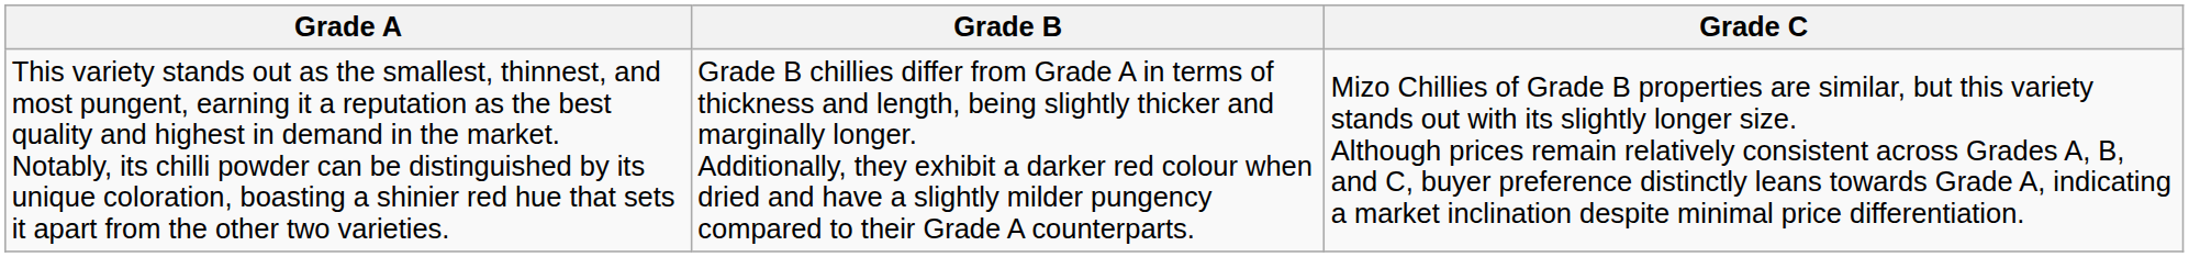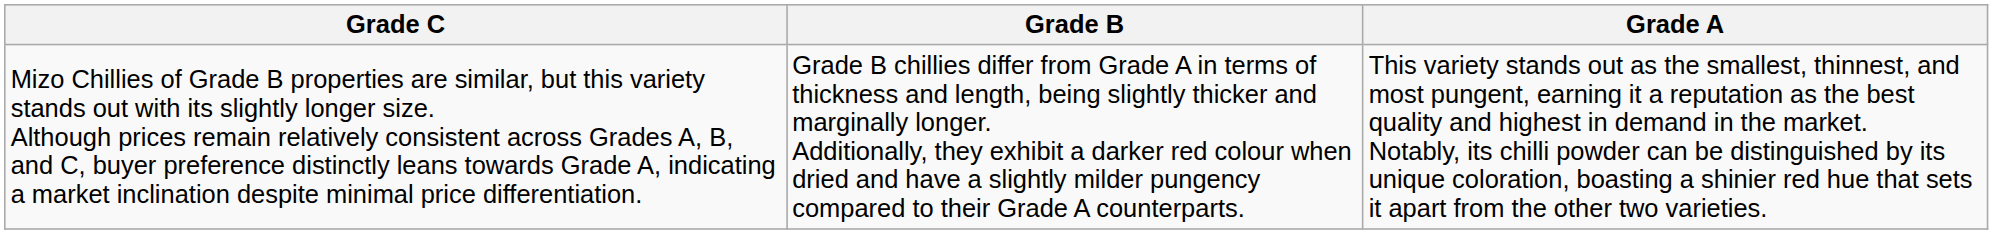 <table class="sortable wikitable"style="text-align:left;"style="font-size: 85%">
 <tr>
+<th>Grade C</th>
+<th>Grade B</th>
 <th>Grade A</th>
-<th>Grade B</th>
-<th>Grade C</th>
 </tr>
 <tr>
+<td>Mizo Chillies of Grade B properties are similar, but this variety stands out with its slightly longer size.<br>Although prices remain relatively consistent across Grades A, B, and C, buyer preference distinctly leans towards Grade A, indicating a market inclination despite minimal price differentiation.</td>
+<td>Grade B chillies differ from Grade A in terms of thickness and length, being slightly thicker and marginally longer.<br>Additionally, they exhibit a darker red colour when dried and have a slightly milder pungency compared to their Grade A counterparts.</td>
 <td>This variety stands out as the smallest, thinnest, and most pungent, earning it a reputation as the best quality and highest in demand in the market.<br>Notably, its chilli powder can be distinguished by its unique coloration, boasting a shinier red hue that sets it apart from the other two varieties.</td>
-<td>Grade B chillies differ from Grade A in terms of thickness and length, being slightly thicker and marginally longer.<br>Additionally, they exhibit a darker red colour when dried and have a slightly milder pungency compared to their Grade A counterparts.</td>
-<td>Mizo Chillies of Grade B properties are similar, but this variety stands out with its slightly longer size.<br>Although prices remain relatively consistent across Grades A, B, and C, buyer preference distinctly leans towards Grade A, indicating a market inclination despite minimal price differentiation.</td>
 </tr>
 </table>
